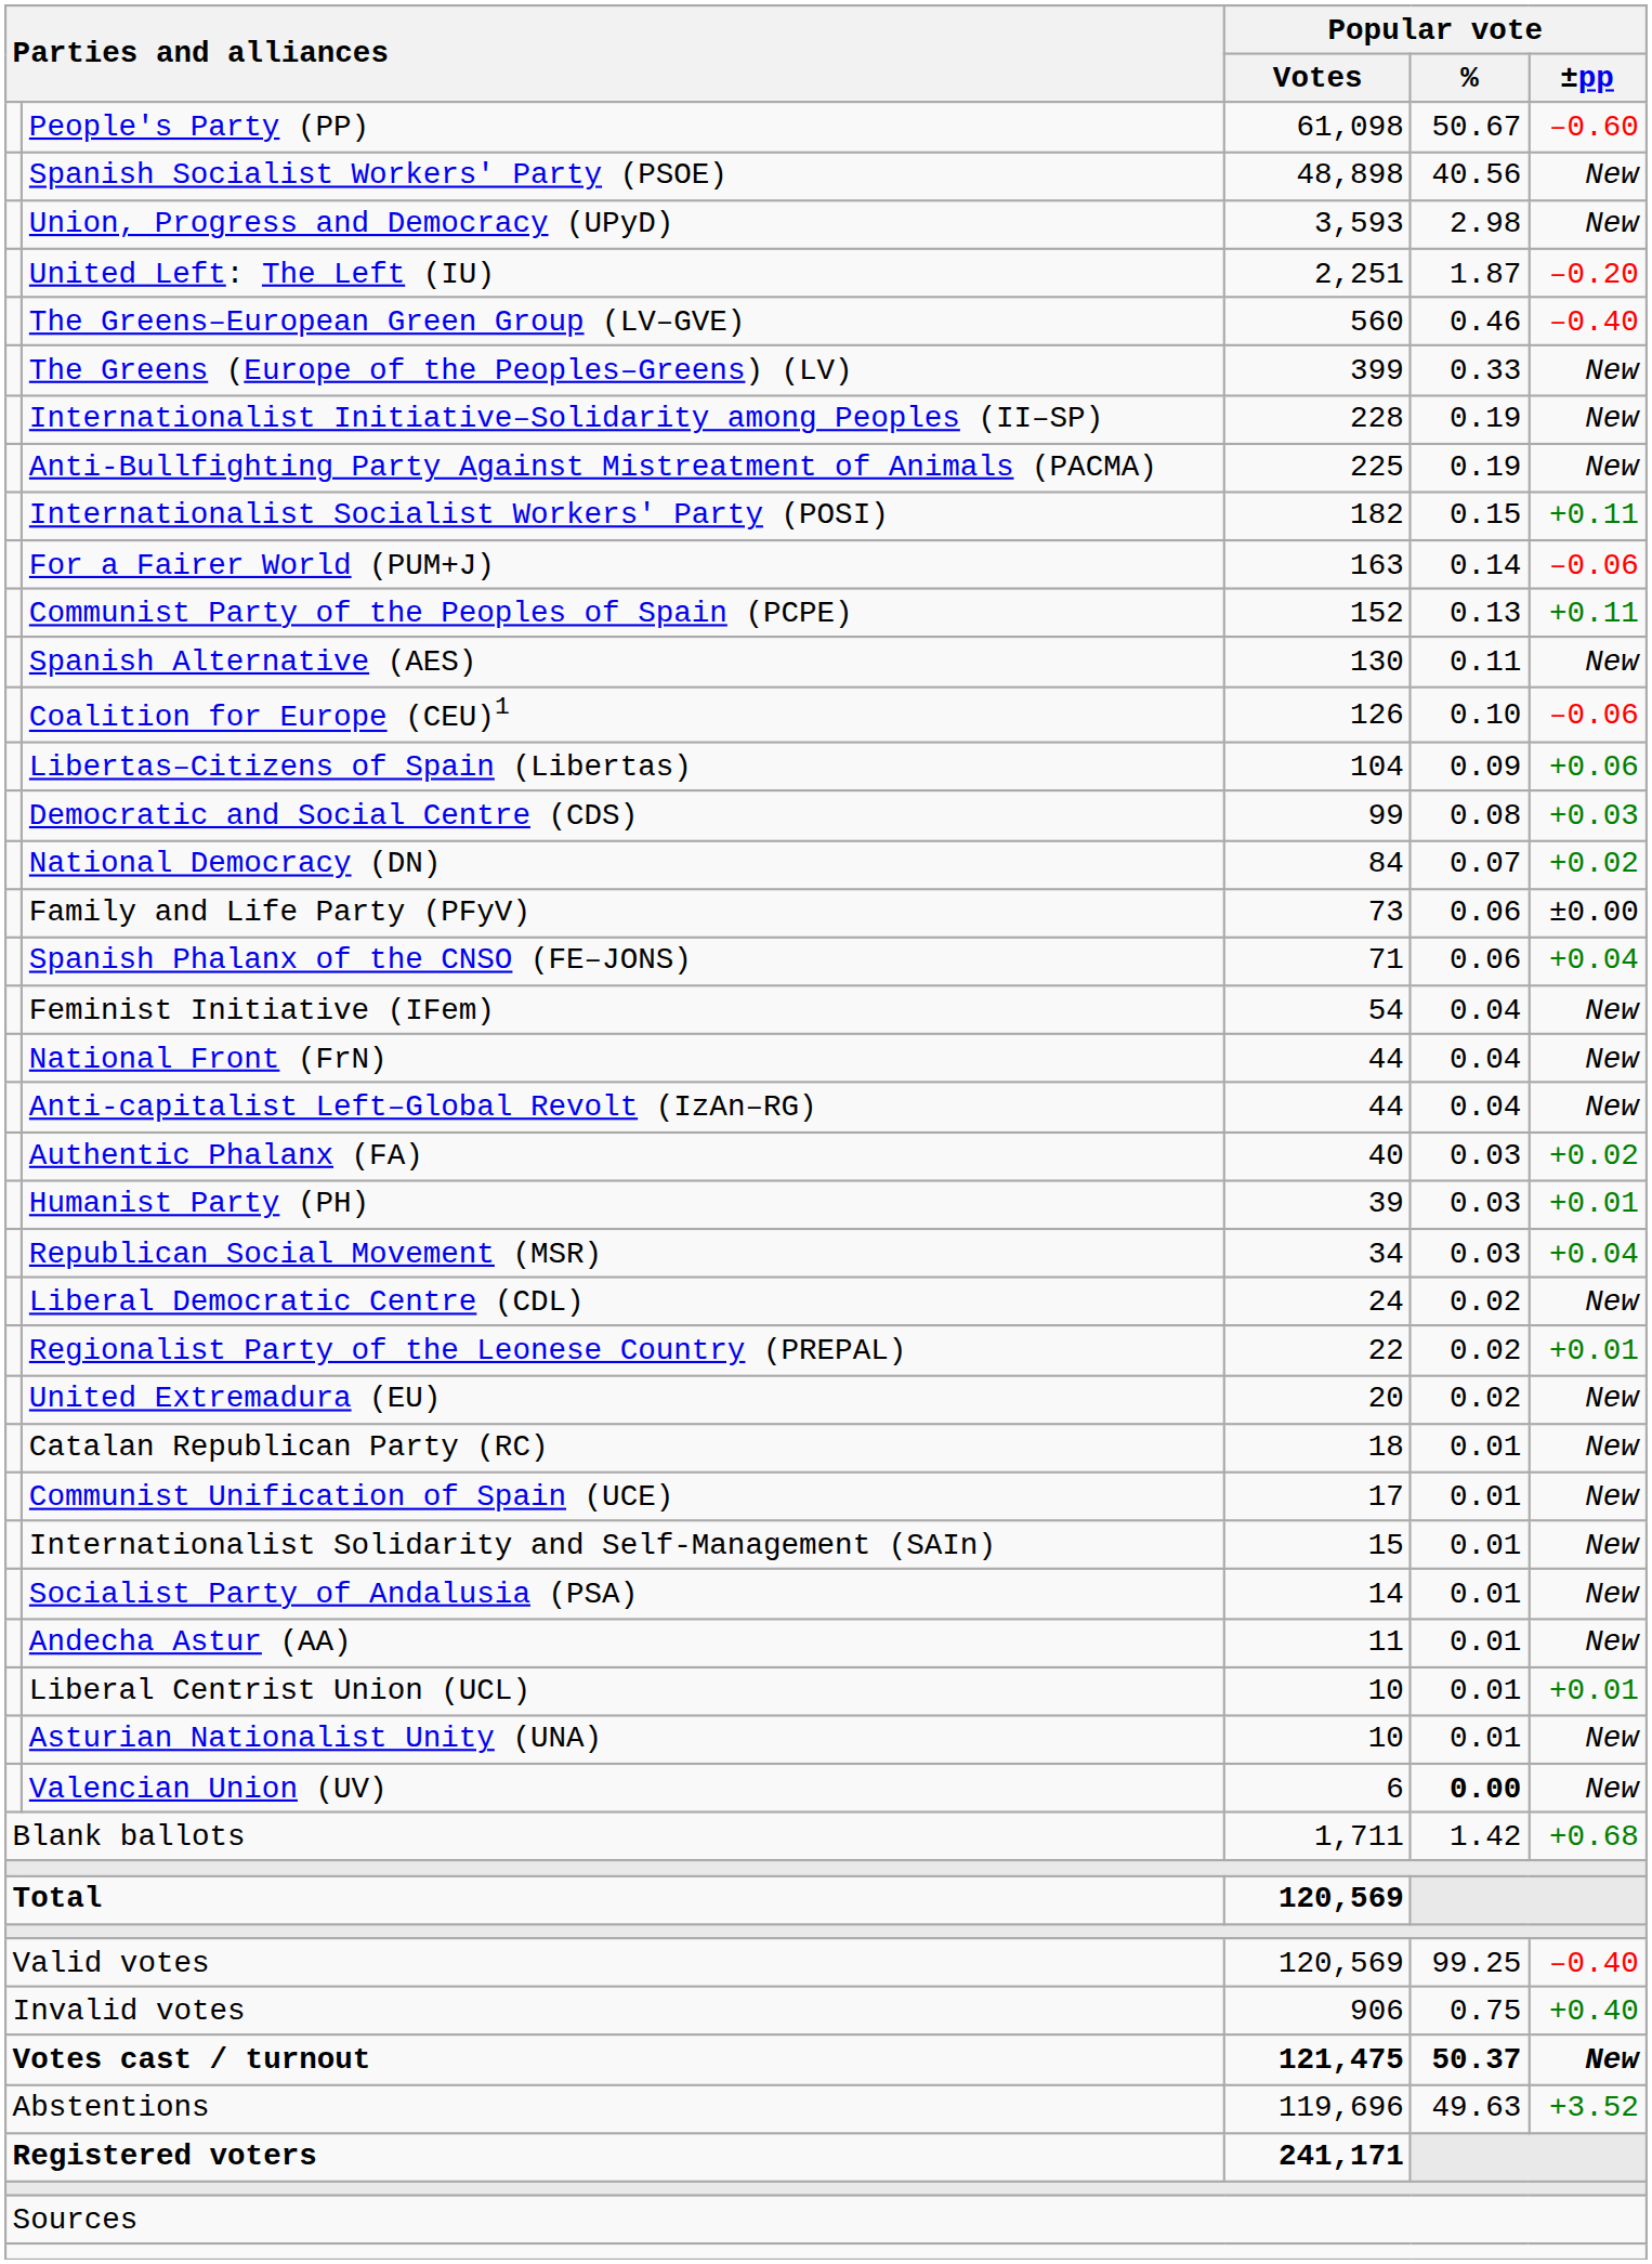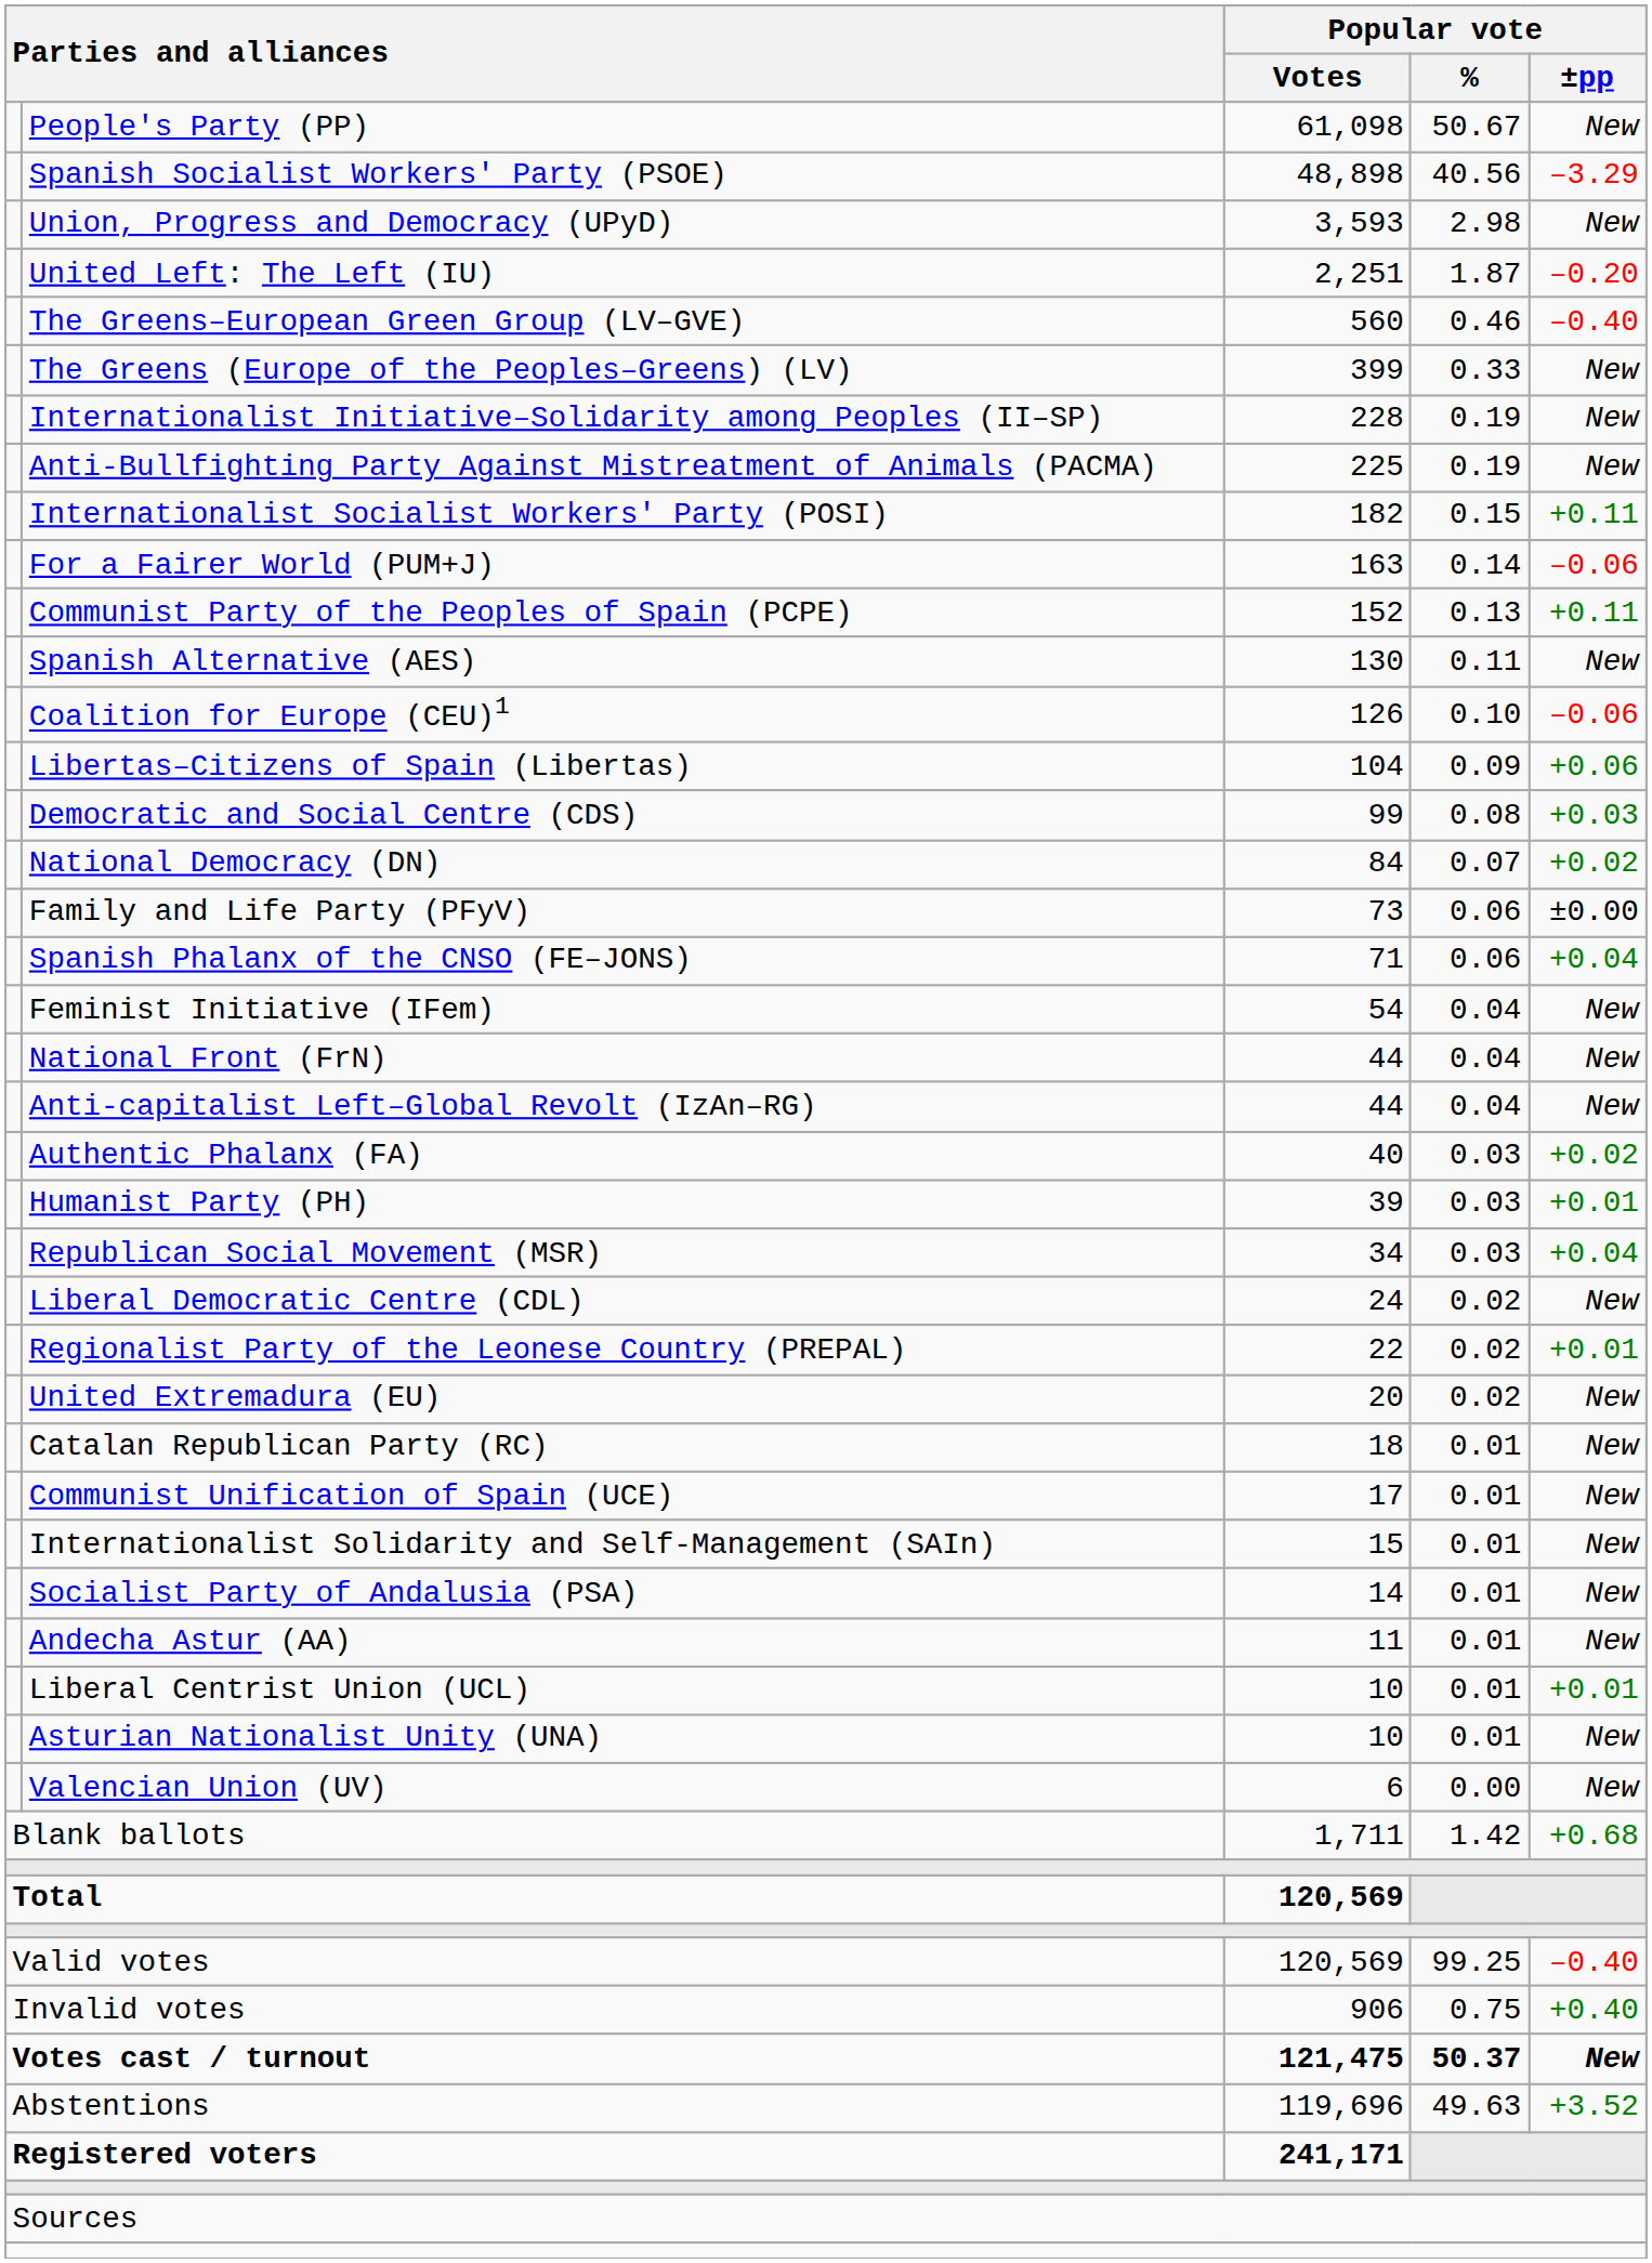 <table class="wikitable" style="text-align:right">
 <tr>
 <th style="text-align:left;" rowspan="2" colspan="2" width="525">Parties and alliances</th>
 <th colspan="3">Popular vote</th>
 </tr>
 <tr>
 <th width="75">Votes</th>
 <th width="45">%</th>
 <th width="45">±<a href='#'>pp</a></th>
 </tr>
 <tr>
 <td width="1" style="color:inherit;background:"></td>
 <td align="left"><a href='#'>People's Party</a> (PP)</td>
 <td>61,098</td>
 <td>50.67</td>
-<td style="color:red;">–0.60</td>
+<td><em>New</em></td>
 </tr>
 <tr>
 <td style="color:inherit;background:"></td>
 <td align="left"><a href='#'>Spanish Socialist Workers' Party</a> (PSOE)</td>
 <td>48,898</td>
 <td>40.56</td>
-<td><em>New</em></td>
+<td style="color:red;">–3.29</td>
 </tr>
 <tr>
 <td style="color:inherit;background:"></td>
 <td align="left"><a href='#'>Union, Progress and Democracy</a> (UPyD)</td>
 <td>3,593</td>
 <td>2.98</td>
 <td><em>New</em></td>
 </tr>
 <tr>
 <td style="color:inherit;background:"></td>
 <td align="left"><a href='#'>United Left</a>: <a href='#'>The Left</a> (IU)</td>
 <td>2,251</td>
 <td>1.87</td>
 <td style="color:red;">–0.20</td>
 </tr>
 <tr>
 <td style="color:inherit;background:"></td>
 <td align="left"><a href='#'>The Greens–European Green Group</a> (LV–GVE)</td>
 <td>560</td>
 <td>0.46</td>
 <td style="color:red;">–0.40</td>
 </tr>
 <tr>
 <td style="color:inherit;background:"></td>
 <td align="left"><a href='#'>The Greens</a> (<a href='#'>Europe of the Peoples–Greens</a>) (LV)</td>
 <td>399</td>
 <td>0.33</td>
 <td><em>New</em></td>
 </tr>
 <tr>
 <td style="color:inherit;background:"></td>
 <td align="left"><a href='#'>Internationalist Initiative–Solidarity among Peoples</a> (II–SP)</td>
 <td>228</td>
 <td>0.19</td>
 <td><em>New</em></td>
 </tr>
 <tr>
 <td style="color:inherit;background:"></td>
 <td align="left"><a href='#'>Anti-Bullfighting Party Against Mistreatment of Animals</a> (PACMA)</td>
 <td>225</td>
 <td>0.19</td>
 <td><em>New</em></td>
 </tr>
 <tr>
 <td style="color:inherit;background:"></td>
 <td align="left"><a href='#'>Internationalist Socialist Workers' Party</a> (POSI)</td>
 <td>182</td>
 <td>0.15</td>
 <td style="color:green;">+0.11</td>
 </tr>
 <tr>
 <td style="color:inherit;background:"></td>
 <td align="left"><a href='#'>For a Fairer World</a> (PUM+J)</td>
 <td>163</td>
 <td>0.14</td>
 <td style="color:red;">–0.06</td>
 </tr>
 <tr>
 <td style="color:inherit;background:"></td>
 <td align="left"><a href='#'>Communist Party of the Peoples of Spain</a> (PCPE)</td>
 <td>152</td>
 <td>0.13</td>
 <td style="color:green;">+0.11</td>
 </tr>
 <tr>
 <td style="color:inherit;background:"></td>
 <td align="left"><a href='#'>Spanish Alternative</a> (AES)</td>
 <td>130</td>
 <td>0.11</td>
 <td><em>New</em></td>
 </tr>
 <tr>
 <td style="color:inherit;background:"></td>
 <td align="left"><a href='#'>Coalition for Europe</a> (CEU)<sup>1</sup></td>
 <td>126</td>
 <td>0.10</td>
 <td style="color:red;">–0.06</td>
 </tr>
 <tr>
 <td style="color:inherit;background:"></td>
 <td align="left"><a href='#'>Libertas–Citizens of Spain</a> (Libertas)</td>
 <td>104</td>
 <td>0.09</td>
 <td style="color:green;">+0.06</td>
 </tr>
 <tr>
 <td style="color:inherit;background:"></td>
 <td align="left"><a href='#'>Democratic and Social Centre</a> (CDS)</td>
 <td>99</td>
 <td>0.08</td>
 <td style="color:green;">+0.03</td>
 </tr>
 <tr>
 <td style="color:inherit;background:"></td>
 <td align="left"><a href='#'>National Democracy</a> (DN)</td>
 <td>84</td>
 <td>0.07</td>
 <td style="color:green;">+0.02</td>
 </tr>
 <tr>
 <td style="color:inherit;background:"></td>
 <td align="left">Family and Life Party (PFyV)</td>
 <td>73</td>
 <td>0.06</td>
 <td>±0.00</td>
 </tr>
 <tr>
 <td style="color:inherit;background:"></td>
 <td align="left"><a href='#'>Spanish Phalanx of the CNSO</a> (FE–JONS)</td>
 <td>71</td>
 <td>0.06</td>
 <td style="color:green;">+0.04</td>
 </tr>
 <tr>
 <td style="color:inherit;background:"></td>
 <td align="left">Feminist Initiative (IFem)</td>
 <td>54</td>
 <td>0.04</td>
 <td><em>New</em></td>
 </tr>
 <tr>
 <td style="color:inherit;background:"></td>
 <td align="left"><a href='#'>National Front</a> (FrN)</td>
 <td>44</td>
 <td>0.04</td>
 <td><em>New</em></td>
 </tr>
 <tr>
 <td style="color:inherit;background:"></td>
 <td align="left"><a href='#'>Anti-capitalist Left–Global Revolt</a> (IzAn–RG)</td>
 <td>44</td>
 <td>0.04</td>
 <td><em>New</em></td>
 </tr>
 <tr>
 <td style="color:inherit;background:"></td>
 <td align="left"><a href='#'>Authentic Phalanx</a> (FA)</td>
 <td>40</td>
 <td>0.03</td>
 <td style="color:green;">+0.02</td>
 </tr>
 <tr>
 <td style="color:inherit;background:"></td>
 <td align="left"><a href='#'>Humanist Party</a> (PH)</td>
 <td>39</td>
 <td>0.03</td>
 <td style="color:green;">+0.01</td>
 </tr>
 <tr>
 <td style="color:inherit;background:"></td>
 <td align="left"><a href='#'>Republican Social Movement</a> (MSR)</td>
 <td>34</td>
 <td>0.03</td>
 <td style="color:green;">+0.04</td>
 </tr>
 <tr>
 <td style="color:inherit;background:"></td>
 <td align="left"><a href='#'>Liberal Democratic Centre</a> (CDL)</td>
 <td>24</td>
 <td>0.02</td>
 <td><em>New</em></td>
 </tr>
 <tr>
 <td style="color:inherit;background:"></td>
 <td align="left"><a href='#'>Regionalist Party of the Leonese Country</a> (PREPAL)</td>
 <td>22</td>
 <td>0.02</td>
 <td style="color:green;">+0.01</td>
 </tr>
 <tr>
 <td style="color:inherit;background:"></td>
 <td align="left"><a href='#'>United Extremadura</a> (EU)</td>
 <td>20</td>
 <td>0.02</td>
 <td><em>New</em></td>
 </tr>
 <tr>
 <td style="color:inherit;background:"></td>
 <td align="left">Catalan Republican Party (RC)</td>
 <td>18</td>
 <td>0.01</td>
 <td><em>New</em></td>
 </tr>
 <tr>
 <td style="color:inherit;background:"></td>
 <td align="left"><a href='#'>Communist Unification of Spain</a> (UCE)</td>
 <td>17</td>
 <td>0.01</td>
 <td><em>New</em></td>
 </tr>
 <tr>
 <td style="color:inherit;background:"></td>
 <td align="left">Internationalist Solidarity and Self-Management (SAIn)</td>
 <td>15</td>
 <td>0.01</td>
 <td><em>New</em></td>
 </tr>
 <tr>
 <td style="color:inherit;background:"></td>
 <td align="left"><a href='#'>Socialist Party of Andalusia</a> (PSA)</td>
 <td>14</td>
 <td>0.01</td>
 <td><em>New</em></td>
 </tr>
 <tr>
 <td style="color:inherit;background:"></td>
 <td align="left"><a href='#'>Andecha Astur</a> (AA)</td>
 <td>11</td>
 <td>0.01</td>
 <td><em>New</em></td>
 </tr>
 <tr>
 <td style="color:inherit;background:"></td>
 <td align="left">Liberal Centrist Union (UCL)</td>
 <td>10</td>
 <td>0.01</td>
 <td style="color:green;">+0.01</td>
 </tr>
 <tr>
 <td style="color:inherit;background:"></td>
 <td align="left"><a href='#'>Asturian Nationalist Unity</a> (UNA)</td>
 <td>10</td>
 <td>0.01</td>
 <td><em>New</em></td>
 </tr>
 <tr>
 <td style="color:inherit;background:"></td>
 <td align="left"><a href='#'>Valencian Union</a> (UV)</td>
 <td>6</td>
-<td><strong>0.00</strong></td>
+<td>0.00</td>
 <td><em>New</em></td>
 </tr>
 <tr>
 <td align="left" colspan="2">Blank ballots</td>
 <td>1,711</td>
 <td>1.42</td>
 <td style="color:green;">+0.68</td>
 </tr>
 <tr>
 <td colspan="5" bgcolor="#E9E9E9"></td>
 </tr>
 <tr style="font-weight:bold;">
 <td align="left" colspan="2">Total</td>
 <td>120,569</td>
 <td bgcolor="#E9E9E9" colspan="2"></td>
 </tr>
 <tr>
 <td colspan="5" bgcolor="#E9E9E9"></td>
 </tr>
 <tr>
 <td align="left" colspan="2">Valid votes</td>
 <td>120,569</td>
 <td>99.25</td>
 <td style="color:red;">–0.40</td>
 </tr>
 <tr>
 <td align="left" colspan="2">Invalid votes</td>
 <td>906</td>
 <td>0.75</td>
 <td style="color:green;">+0.40</td>
 </tr>
 <tr style="font-weight:bold;">
 <td align="left" colspan="2">Votes cast / turnout</td>
 <td>121,475</td>
 <td>50.37</td>
 <td><em>New</em></td>
 </tr>
 <tr>
 <td align="left" colspan="2">Abstentions</td>
 <td>119,696</td>
 <td>49.63</td>
 <td style="color:green;">+3.52</td>
 </tr>
 <tr style="font-weight:bold;">
 <td align="left" colspan="2">Registered voters</td>
 <td>241,171</td>
 <td bgcolor="#E9E9E9" colspan="2"></td>
 </tr>
 <tr>
 <td colspan="5" bgcolor="#E9E9E9"></td>
 </tr>
 <tr>
 <td align="left" colspan="5">Sources</td>
 </tr>
 <tr>
 <td colspan="5" style="text-align:left; max-width:680px;"></td>
 </tr>
 </table>
